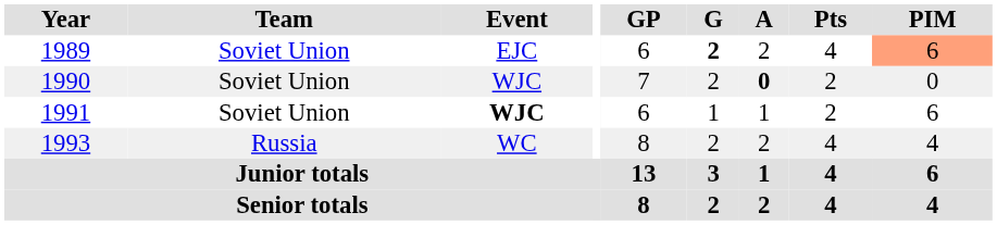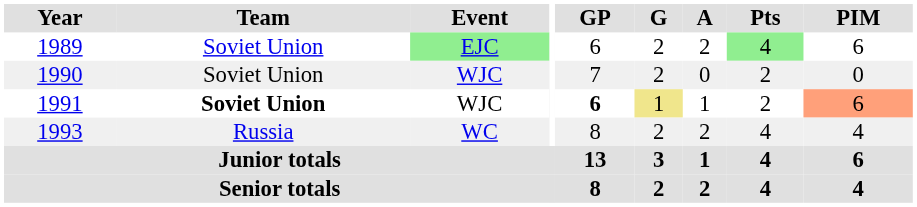 <table border="0" cellpadding="1" cellspacing="0" ID="Table3" style="text-align:center; width:40em">
 <tr bgcolor="#e0e0e0">
 <th>Year</th>
 <th>Team</th>
 <th>Event</th>
 <th rowspan="102" bgcolor="#ffffff"></th>
 <th>GP</th>
 <th>G</th>
 <th>A</th>
 <th>Pts</th>
 <th>PIM</th>
 </tr>
 <tr>
 <td><a href='#'>1989</a></td>
 <td><a href='#'>Soviet Union</a></td>
-<td><a href='#'>EJC</a></td>
+<td style="background: lightgreen;"><a href='#'>EJC</a></td>
 <td>6</td>
-<td><strong>2</strong></td>
 <td>2</td>
-<td>4</td>
-<td style="background: lightsalmon;">6</td>
+<td>2</td>
+<td style="background: lightgreen;">4</td>
+<td>6</td>
 </tr>
 <tr bgcolor="#f0f0f0">
 <td><a href='#'>1990</a></td>
 <td>Soviet Union</td>
 <td><a href='#'>WJC</a></td>
 <td>7</td>
 <td>2</td>
-<td><strong>0</strong></td>
+<td>0</td>
 <td>2</td>
 <td>0</td>
 </tr>
 <tr>
 <td><a href='#'>1991</a></td>
-<td>Soviet Union</td>
-<td><strong>WJC</strong></td>
-<td>6</td>
-<td>1</td>
+<td><strong>Soviet Union</strong></td>
+<td>WJC</td>
+<td><strong>6</strong></td>
+<td style="background: khaki;">1</td>
 <td>1</td>
 <td>2</td>
-<td>6</td>
+<td style="background: lightsalmon;">6</td>
 </tr>
 <tr bgcolor="#f0f0f0">
 <td><a href='#'>1993</a></td>
 <td><a href='#'>Russia</a></td>
 <td><a href='#'>WC</a></td>
 <td>8</td>
 <td>2</td>
 <td>2</td>
 <td>4</td>
 <td>4</td>
 </tr>
 <tr bgcolor="#e0e0e0">
 <th colspan="4">Junior totals</th>
 <th>13</th>
 <th>3</th>
 <th>1</th>
 <th>4</th>
 <th>6</th>
 </tr>
 <tr bgcolor="#e0e0e0">
 <th colspan="4">Senior totals</th>
 <th>8</th>
 <th>2</th>
 <th>2</th>
 <th>4</th>
 <th>4</th>
 </tr>
 </table>
